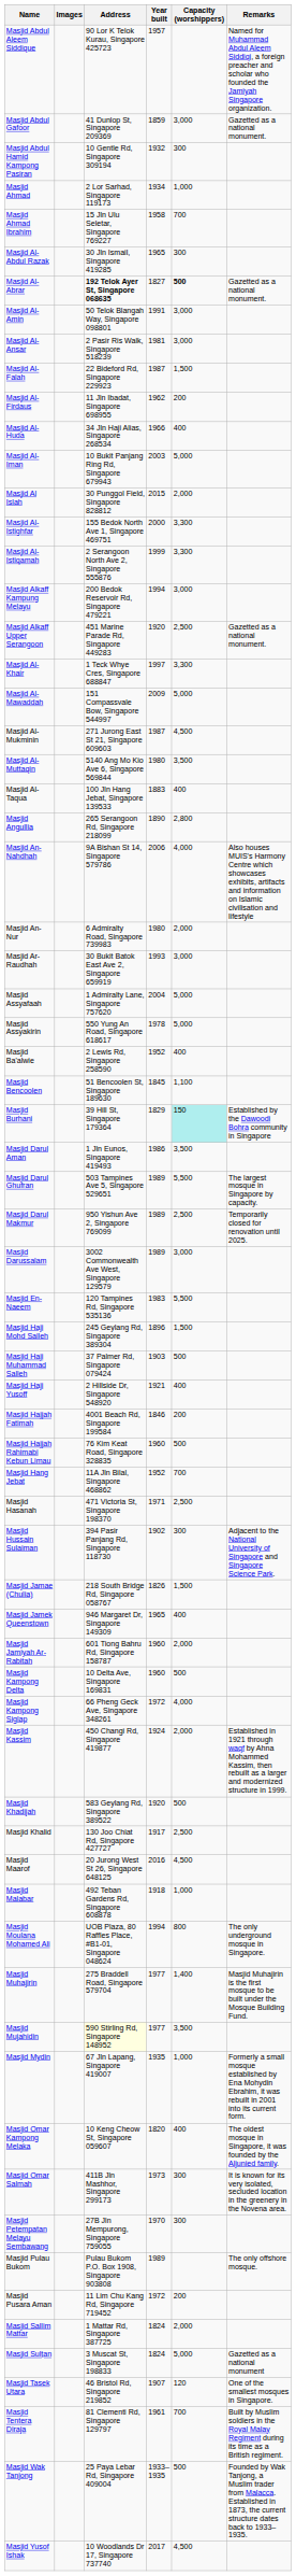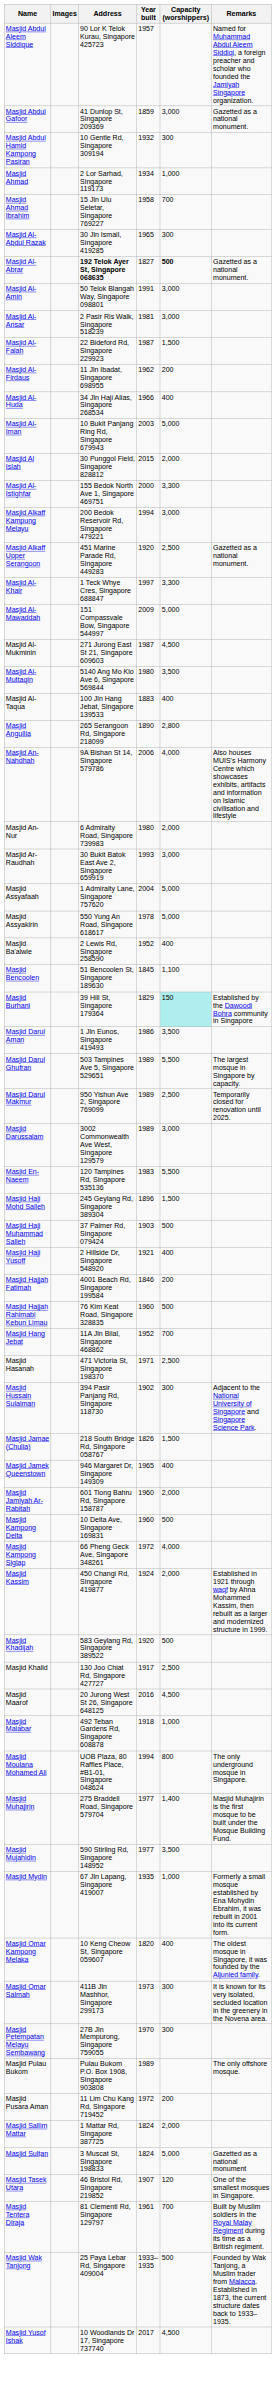 <table class="wikitable sortable">
 <tr>
 <th>Name</th>
 <th class="unsortable">Images</th>
 <th>Address</th>
 <th>Year built</th>
 <th>Capacity (worshippers)</th>
 <th class="unsortable">Remarks</th>
 </tr>
 <tr valign="top">
 <td><a href='#'>Masjid Abdul Aleem Siddique</a></td>
 <td></td>
 <td>90 Lor K Telok Kurau, Singapore 425723</td>
 <td>1957</td>
 <td></td>
 <td>Named for <a href='#'>Muhammad Abdul Aleem Siddiqi</a>, a foreign preacher and scholar who founded the <a href='#'>Jamiyah Singapore</a> organization.</td>
 </tr>
 <tr valign="top">
 <td><a href='#'>Masjid Abdul Gafoor</a></td>
 <td></td>
 <td>41 Dunlop St, Singapore 209369</td>
 <td>1859</td>
 <td>3,000</td>
 <td>Gazetted as a national monument.</td>
 </tr>
 <tr valign="top">
 <td><a href='#'>Masjid Abdul Hamid Kampong Pasiran</a></td>
 <td></td>
 <td>10 Gentle Rd, Singapore 309194</td>
 <td>1932</td>
 <td>300</td>
 <td></td>
 </tr>
 <tr valign="top">
 <td><a href='#'>Masjid Ahmad</a></td>
 <td></td>
 <td>2 Lor Sarhad, Singapore 119173</td>
 <td>1934</td>
 <td>1,000</td>
 <td></td>
 </tr>
 <tr valign="top">
 <td><a href='#'>Masjid Ahmad Ibrahim</a></td>
 <td></td>
 <td>15 Jln Ulu Seletar, Singapore 769227</td>
 <td>1958</td>
 <td>700</td>
 <td></td>
 </tr>
 <tr valign="top">
 <td><a href='#'>Masjid Al-Abdul Razak</a></td>
 <td></td>
 <td>30 Jln Ismail, Singapore 419285</td>
 <td>1965</td>
 <td>300</td>
 <td></td>
 </tr>
 <tr valign="top">
 <td><a href='#'>Masjid Al-Abrar</a></td>
 <td></td>
 <td><strong>192 Telok Ayer St, Singapore 068635</strong></td>
 <td>1827</td>
 <td><strong>500</strong></td>
 <td>Gazetted as a national monument.</td>
 </tr>
 <tr valign="top">
 <td><a href='#'>Masjid Al-Amin</a></td>
 <td></td>
 <td>50 Telok Blangah Way, Singapore 098801</td>
 <td>1991</td>
 <td>3,000</td>
 <td></td>
 </tr>
 <tr valign="top">
 <td><a href='#'>Masjid Al-Ansar</a></td>
 <td></td>
 <td>2 Pasir Ris Walk, Singapore 518239</td>
 <td>1981</td>
 <td>3,000</td>
 <td></td>
 </tr>
 <tr valign="top">
 <td><a href='#'>Masjid Al-Falah</a></td>
 <td></td>
 <td>22 Bideford Rd, Singapore 229923</td>
 <td>1987</td>
 <td>1,500</td>
 <td></td>
 </tr>
 <tr valign="top">
 <td><a href='#'>Masjid Al-Firdaus</a></td>
 <td></td>
 <td>11 Jln Ibadat, Singapore 698955</td>
 <td>1962</td>
 <td>200</td>
 <td></td>
 </tr>
 <tr valign="top">
 <td><a href='#'>Masjid Al-Huda</a></td>
 <td></td>
 <td>34 Jln Haji Alias, Singapore 268534</td>
 <td>1966</td>
 <td>400</td>
 <td></td>
 </tr>
 <tr valign="top">
 <td><a href='#'>Masjid Al-Iman</a></td>
 <td></td>
 <td>10 Bukit Panjang Ring Rd, Singapore 679943</td>
 <td>2003</td>
 <td>5,000</td>
 <td></td>
 </tr>
 <tr valign="top">
 <td><a href='#'>Masjid Al Islah</a></td>
 <td></td>
 <td>30 Punggol Field, Singapore 828812</td>
 <td>2015</td>
 <td>2,000</td>
 <td></td>
 </tr>
 <tr valign="top">
 <td><a href='#'>Masjid Al-Istighfar</a></td>
 <td></td>
 <td>155 Bedok North Ave 1, Singapore 469751</td>
 <td>2000</td>
-<td>3,300</td>
-<td></td>
-</tr>
-<tr valign="top">
-<td><a href='#'>Masjid Al-Istiqamah</a></td>
-<td></td>
-<td>2 Serangoon North Ave 2, Singapore 555876</td>
-<td>1999</td>
 <td>3,300</td>
 <td></td>
 </tr>
 <tr valign="top">
 <td><a href='#'>Masjid Alkaff Kampung Melayu</a></td>
 <td></td>
 <td>200 Bedok Reservoir Rd, Singapore 479221</td>
 <td>1994</td>
 <td>3,000</td>
 <td></td>
 </tr>
 <tr valign="top">
 <td><a href='#'>Masjid Alkaff Upper Serangoon</a></td>
 <td></td>
 <td>451 Marine Parade Rd, Singapore 449283</td>
 <td>1920</td>
 <td>2,500</td>
 <td>Gazetted as a national monument.</td>
 </tr>
 <tr valign="top">
 <td><a href='#'>Masjid Al-Khair</a></td>
 <td></td>
 <td>1 Teck Whye Cres, Singapore 688847</td>
 <td>1997</td>
 <td>3,300</td>
 <td></td>
 </tr>
 <tr valign="top">
 <td><a href='#'>Masjid Al-Mawaddah</a></td>
 <td></td>
 <td>151 Compassvale Bow, Singapore 544997</td>
 <td>2009</td>
 <td>5,000</td>
 <td></td>
 </tr>
 <tr valign="top">
 <td>Masjid Al-Mukminin</td>
 <td></td>
 <td>271 Jurong East St 21, Singapore 609603</td>
 <td>1987</td>
 <td>4,500</td>
 <td></td>
 </tr>
 <tr valign="top">
 <td><a href='#'>Masjid Al-Muttaqin</a></td>
 <td></td>
 <td>5140 Ang Mo Kio Ave 6, Singapore 569844</td>
 <td>1980</td>
 <td>3,500</td>
 <td></td>
 </tr>
 <tr valign="top">
 <td>Masjid Al-Taqua</td>
 <td></td>
 <td>100 Jln Hang Jebat, Singapore 139533</td>
 <td>1883</td>
 <td>400</td>
 <td></td>
 </tr>
 <tr valign="top">
 <td><a href='#'>Masjid Angullia</a></td>
 <td></td>
 <td>265 Serangoon Rd, Singapore 218099</td>
 <td>1890</td>
 <td>2,800</td>
 <td></td>
 </tr>
 <tr valign="top">
 <td><a href='#'>Masjid An-Nahdhah</a></td>
 <td></td>
 <td>9A Bishan St 14, Singapore 579786</td>
 <td>2006</td>
 <td>4,000</td>
 <td>Also houses MUIS's Harmony Centre which showcases exhibits, artifacts and information on Islamic civilisation and lifestyle</td>
 </tr>
 <tr valign="top">
 <td>Masjid An-Nur</td>
 <td></td>
 <td>6 Admiralty Road, Singapore 739983</td>
 <td>1980</td>
 <td>2,000</td>
 <td></td>
 </tr>
 <tr valign="top">
 <td>Masjid Ar-Raudhah</td>
 <td></td>
 <td>30 Bukit Batok East Ave 2, Singapore 659919</td>
 <td>1993</td>
 <td>3,000</td>
 <td></td>
 </tr>
 <tr valign="top">
 <td>Masjid Assyafaah</td>
 <td></td>
 <td>1 Admiralty Lane, Singapore 757620</td>
 <td>2004</td>
 <td>5,000</td>
 <td></td>
 </tr>
 <tr valign="top">
 <td>Masjid Assyakirin</td>
 <td></td>
 <td>550 Yung An Road, Singapore 618617</td>
 <td>1978</td>
 <td>5,000</td>
 <td></td>
 </tr>
 <tr valign="top">
 <td>Masjid Ba'alwie</td>
 <td></td>
 <td>2 Lewis Rd, Singapore 258590</td>
 <td>1952</td>
 <td>400</td>
 <td></td>
 </tr>
 <tr valign="top">
 <td><a href='#'>Masjid Bencoolen</a></td>
 <td></td>
 <td>51 Bencoolen St, Singapore 189630</td>
 <td>1845</td>
 <td>1,100</td>
 <td></td>
 </tr>
 <tr valign="top">
 <td><a href='#'>Masjid Burhani</a></td>
 <td></td>
 <td>39 Hill St, Singapore 179364</td>
 <td>1829</td>
 <td style="background: paleturquoise;">150</td>
 <td>Established by the <a href='#'>Dawoodi Bohra</a> community in Singapore</td>
 </tr>
 <tr valign="top">
 <td><a href='#'>Masjid Darul Aman</a></td>
 <td></td>
 <td>1 Jln Eunos, Singapore 419493</td>
 <td>1986</td>
 <td>3,500</td>
 <td></td>
 </tr>
 <tr valign="top">
 <td><a href='#'>Masjid Darul Ghufran</a></td>
 <td></td>
 <td>503 Tampines Ave 5, Singapore 529651</td>
 <td>1989</td>
 <td>5,500</td>
 <td>The largest mosque in Singapore by capacity.</td>
 </tr>
 <tr valign="top">
 <td><a href='#'>Masjid Darul Makmur</a></td>
 <td></td>
 <td>950 Yishun Ave 2, Singapore 769099</td>
 <td>1989</td>
 <td>2,500</td>
 <td>Temporarily closed for renovation until 2025.</td>
 </tr>
 <tr valign="top">
 <td><a href='#'>Masjid Darussalam</a></td>
 <td></td>
 <td>3002 Commonwealth Ave West, Singapore 129579</td>
 <td>1989</td>
 <td>3,000</td>
 <td></td>
 </tr>
 <tr valign="top">
 <td><a href='#'>Masjid En-Naeem</a></td>
 <td></td>
 <td>120 Tampines Rd, Singapore 535136</td>
 <td>1983</td>
 <td>5,500</td>
 <td></td>
 </tr>
 <tr valign="top">
 <td><a href='#'>Masjid Haji Mohd Salleh</a></td>
 <td></td>
 <td>245 Geylang Rd, Singapore 389304</td>
 <td>1896</td>
 <td>1,500</td>
 <td></td>
 </tr>
 <tr valign="top">
 <td><a href='#'>Masjid Haji Muhammad Salleh</a></td>
 <td></td>
 <td>37 Palmer Rd, Singapore 079424</td>
 <td>1903</td>
 <td>500</td>
 <td></td>
 </tr>
 <tr valign="top">
 <td><a href='#'>Masjid Haji Yusoff</a></td>
 <td></td>
 <td>2 Hillside Dr, Singapore 548920</td>
 <td>1921</td>
 <td>400</td>
 <td></td>
 </tr>
 <tr valign="top">
 <td><a href='#'>Masjid Hajjah Fatimah</a></td>
 <td></td>
 <td>4001 Beach Rd, Singapore 199584</td>
 <td>1846</td>
 <td>200</td>
 <td></td>
 </tr>
 <tr valign="top">
 <td><a href='#'>Masjid Hajjah Rahimabi Kebun Limau</a></td>
 <td></td>
 <td>76 Kim Keat Road, Singapore 328835</td>
 <td>1960</td>
 <td>500</td>
 <td></td>
 </tr>
 <tr valign="top">
 <td><a href='#'>Masjid Hang Jebat</a></td>
 <td></td>
 <td>11A Jln Bilal, Singapore 468862</td>
 <td>1952</td>
 <td>700</td>
 <td></td>
 </tr>
 <tr valign="top">
 <td>Masjid Hasanah</td>
 <td></td>
 <td>471 Victoria St, Singapore 198370</td>
 <td>1971</td>
 <td>2,500</td>
 <td></td>
 </tr>
 <tr valign="top">
 <td><a href='#'>Masjid Hussain Sulaiman</a></td>
 <td></td>
 <td>394 Pasir Panjang Rd, Singapore 118730</td>
 <td>1902</td>
 <td>300</td>
 <td>Adjacent to the <a href='#'>National University of Singapore</a> and <a href='#'>Singapore Science Park</a>.</td>
 </tr>
 <tr valign="top">
 <td><a href='#'>Masjid Jamae (Chulia)</a></td>
 <td></td>
 <td>218 South Bridge Rd, Singapore 058767</td>
 <td>1826</td>
 <td>1,500</td>
 <td></td>
 </tr>
 <tr valign="top">
 <td><a href='#'>Masjid Jamek Queenstown</a></td>
 <td></td>
 <td>946 Margaret Dr, Singapore 149309</td>
 <td>1965</td>
 <td>400</td>
 <td></td>
 </tr>
 <tr valign="top">
 <td><a href='#'>Masjid Jamiyah Ar-Rabitah</a></td>
 <td></td>
 <td>601 Tiong Bahru Rd, Singapore 158787</td>
 <td>1960</td>
 <td>2,000</td>
 <td></td>
 </tr>
 <tr valign="top">
 <td><a href='#'>Masjid Kampong Delta</a></td>
 <td></td>
 <td>10 Delta Ave, Singapore 169831</td>
 <td>1960</td>
 <td>500</td>
 <td></td>
 </tr>
 <tr valign="top">
 <td><a href='#'>Masjid Kampong Siglap</a></td>
 <td></td>
 <td>66 Pheng Geck Ave, Singapore 348261</td>
 <td>1972</td>
 <td>4,000</td>
 <td></td>
 </tr>
 <tr valign="top">
 <td><a href='#'>Masjid Kassim</a></td>
 <td></td>
 <td>450 Changi Rd, Singapore 419877</td>
 <td>1924</td>
 <td>2,000</td>
 <td>Established in 1921 through <a href='#'>waqf</a> by Ahna Mohammed Kassim, then rebuilt as a larger and modernized structure in 1999.</td>
 </tr>
 <tr valign="top">
 <td><a href='#'>Masjid Khadijah</a></td>
 <td></td>
 <td>583 Geylang Rd, Singapore 389522</td>
 <td>1920</td>
 <td>500</td>
 <td></td>
 </tr>
 <tr valign="top">
 <td>Masjid Khalid</td>
 <td></td>
 <td>130 Joo Chiat Rd, Singapore 427727</td>
 <td>1917</td>
 <td>2,500</td>
 </tr>
 <tr valign="top">
 <td>Masjid Maarof</td>
 <td></td>
 <td>20 Jurong West St 26, Singapore 648125</td>
 <td>2016</td>
 <td>4,500</td>
 <td></td>
 </tr>
 <tr valign="top">
 <td><a href='#'>Masjid Malabar</a></td>
 <td></td>
 <td>492 Teban Gardens Rd, Singapore 608878</td>
 <td>1918</td>
 <td>1,000</td>
 <td></td>
 </tr>
 <tr valign="top">
 <td><a href='#'>Masjid Moulana Mohamed Ali</a></td>
 <td></td>
 <td>UOB Plaza, 80 Raffles Place, #B1-01, Singapore 048624</td>
 <td>1994</td>
 <td>800</td>
 <td>The only underground mosque in Singapore.</td>
 </tr>
 <tr valign="top">
 <td><a href='#'>Masjid Muhajirin</a></td>
 <td></td>
 <td>275 Braddell Road, Singapore 579704</td>
 <td>1977</td>
 <td>1,400</td>
 <td>Masjid Muhajirin is the first mosque to be built under the Mosque Building Fund.</td>
 </tr>
 <tr valign="top">
 <td><a href='#'>Masjid Mujahidin</a></td>
 <td></td>
-<td style="background: lightyellow;">590 Stirling Rd, Singapore 148952</td>
+<td>590 Stirling Rd, Singapore 148952</td>
 <td>1977</td>
 <td>3,500</td>
 <td></td>
 </tr>
 <tr valign="top">
 <td><a href='#'>Masjid Mydin</a></td>
 <td></td>
 <td>67 Jln Lapang, Singapore 419007</td>
 <td>1935</td>
 <td>1,000</td>
 <td>Formerly a small mosque established by Ena Mohydin Ebrahim, it was rebuilt in 2001 into its current form.</td>
 </tr>
 <tr valign="top">
 <td><a href='#'>Masjid Omar Kampong Melaka</a></td>
 <td></td>
 <td>10 Keng Cheow St, Singapore 059607</td>
 <td>1820</td>
 <td>400</td>
 <td>The oldest mosque in Singapore, it was founded by the <a href='#'>Aljunied family</a>.</td>
 </tr>
 <tr valign="top">
 <td><a href='#'>Masjid Omar Salmah</a></td>
 <td></td>
 <td>411B Jln Mashhor, Singapore 299173</td>
 <td>1973</td>
 <td>300</td>
 <td>It is known for its very isolated, secluded location in the greenery in the Novena area.</td>
 </tr>
 <tr valign="top">
 <td><a href='#'>Masjid Petempatan Melayu Sembawang</a></td>
 <td></td>
 <td>27B Jln Mempurong, Singapore 759055</td>
 <td>1970</td>
 <td>300</td>
 <td></td>
 </tr>
 <tr valign="top">
 <td>Masjid Pulau Bukom</td>
 <td></td>
 <td>Pulau Bukom P.O. Box 1908, Singapore 903808</td>
 <td>1989</td>
 <td></td>
 <td>The only offshore mosque.</td>
 </tr>
 <tr valign="top">
 <td>Masjid Pusara Aman</td>
 <td></td>
 <td>11 Lim Chu Kang Rd, Singapore 719452</td>
 <td>1972</td>
 <td>200</td>
 <td></td>
 </tr>
 <tr valign="top">
 <td><a href='#'>Masjid Sallim Mattar</a></td>
 <td></td>
 <td>1 Mattar Rd, Singapore 387725</td>
 <td>1824</td>
 <td>2,000</td>
 <td></td>
 </tr>
 <tr valign="top">
 <td><a href='#'>Masjid Sulṭan</a></td>
 <td></td>
 <td>3 Muscat St, Singapore 198833</td>
 <td>1824</td>
 <td>5,000</td>
 <td>Gazetted as a national monument</td>
 </tr>
 <tr valign="top">
 <td><a href='#'>Masjid Tasek Utara</a></td>
 <td></td>
 <td>46 Bristol Rd, Singapore 219852</td>
 <td>1907</td>
 <td>120</td>
 <td>One of the smallest mosques in Singapore.</td>
 </tr>
 <tr valign="top">
 <td><a href='#'>Masjid Tentera Diraja</a></td>
 <td></td>
 <td>81 Clementi Rd, Singapore 129797</td>
 <td>1961</td>
 <td>700</td>
 <td>Built by Muslim soldiers in the <a href='#'>Royal Malay Regiment</a> during its time as a British regiment.</td>
 </tr>
 <tr valign="top">
 <td><a href='#'>Masjid Wak Tanjong</a></td>
 <td></td>
 <td>25 Paya Lebar Rd, Singapore 409004</td>
 <td>1933–1935</td>
 <td>500</td>
 <td>Founded by Wak Tanjong, a Muslim trader from <a href='#'>Malacca</a>. Established in 1873, the current structure dates back to 1933–1935.</td>
 </tr>
 <tr valign="top">
 <td><a href='#'>Masjid Yusof Ishak</a></td>
 <td></td>
 <td>10 Woodlands Dr 17, Singapore 737740</td>
 <td>2017</td>
 <td>4,500</td>
 </tr>
 </table>
